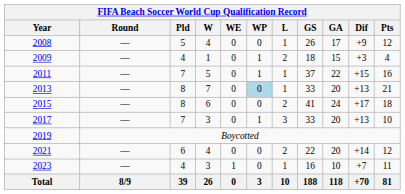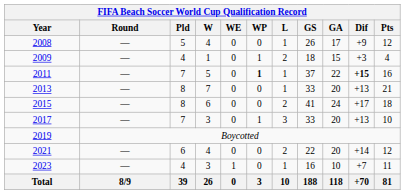 <table class="wikitable" style="text-align: center;font-size:90%;">
 <tr>
 <th colspan=11><a href='#'>FIFA Beach Soccer World Cup Qualification Record</a></th>
 </tr>
 <tr>
 <th width=125>Year</th>
 <th width=150>Round</th>
 <th width=35>Pld</th>
 <th width=35>W</th>
 <th width=35>WE</th>
 <th width=35>WP</th>
 <th width=35>L</th>
 <th width=35>GS</th>
 <th width=35>GA</th>
 <th width=35>Dif</th>
 <th width=35>Pts</th>
 </tr>
 <tr>
 <td> <a href='#'>2008</a></td>
 <td>—</td>
 <td>5</td>
 <td>4</td>
 <td>0</td>
 <td>0</td>
 <td>1</td>
 <td>26</td>
 <td>17</td>
 <td>+9</td>
 <td>12</td>
 </tr>
 <tr>
 <td> <a href='#'>2009</a></td>
 <td>—</td>
 <td>4</td>
 <td>1</td>
 <td>0</td>
 <td>1</td>
 <td>2</td>
 <td>18</td>
 <td>15</td>
 <td>+3</td>
 <td>4</td>
 </tr>
 <tr>
 <td> <a href='#'>2011</a></td>
 <td>—</td>
 <td>7</td>
 <td>5</td>
 <td>0</td>
-<td>1</td>
+<td><strong>1</strong></td>
 <td>1</td>
 <td>37</td>
 <td>22</td>
-<td>+15</td>
+<td><strong>+15</strong></td>
 <td>16</td>
 </tr>
 <tr>
 <td> <a href='#'>2013</a></td>
 <td>—</td>
 <td>8</td>
 <td>7</td>
 <td>0</td>
-<td style="background: lightblue;">0</td>
+<td>0</td>
 <td>1</td>
 <td>33</td>
 <td>20</td>
 <td>+13</td>
 <td>21</td>
 </tr>
 <tr>
 <td> <a href='#'>2015</a></td>
 <td>—</td>
 <td>8</td>
 <td>6</td>
 <td>0</td>
 <td>0</td>
 <td>2</td>
 <td>41</td>
 <td>24</td>
 <td>+17</td>
 <td>18</td>
 </tr>
 <tr>
 <td> <a href='#'>2017</a></td>
 <td>—</td>
 <td>7</td>
 <td>3</td>
 <td>0</td>
 <td>1</td>
 <td>3</td>
 <td>33</td>
 <td>20</td>
 <td>+13</td>
 <td>10</td>
 </tr>
 <tr>
 <td> <a href='#'>2019</a></td>
 <td colspan=10><em>Boycotted</em></td>
 </tr>
 <tr>
 <td> <a href='#'>2021</a></td>
 <td>—</td>
 <td>6</td>
 <td>4</td>
 <td>0</td>
 <td>0</td>
 <td>2</td>
 <td>22</td>
 <td>20</td>
 <td>+14</td>
 <td>12</td>
 </tr>
 <tr>
 <td> <a href='#'>2023</a></td>
 <td>—</td>
 <td>4</td>
 <td>3</td>
 <td>1</td>
 <td>0</td>
 <td>1</td>
 <td>16</td>
 <td>10</td>
 <td>+7</td>
 <td>11</td>
 </tr>
 <tr>
 <th><strong>Total</strong></th>
 <th>8/9</th>
 <th>39</th>
 <th>26</th>
 <th>0</th>
 <th>3</th>
 <th>10</th>
 <th>188</th>
 <th>118</th>
 <th>+70</th>
 <th>81</th>
 </tr>
 </table>
